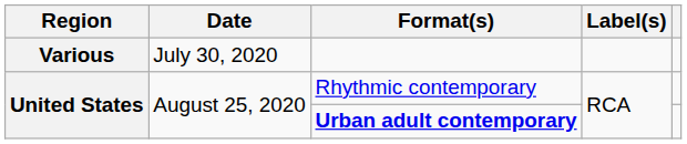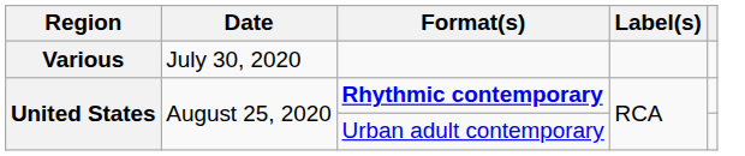 <table class="wikitable plainrowheaders">
 <tr>
 <th scope="col">Region</th>
 <th scope="col">Date</th>
 <th scope="col">Format(s)</th>
 <th scope="col">Label(s)</th>
 <th scope="col"></th>
 </tr>
 <tr>
 <th scope="row">Various</th>
 <td>July 30, 2020</td>
 <td></td>
 <td></td>
 <td style="text-align:center;"></td>
 </tr>
 <tr>
 <th scope="row" rowspan="2">United States</th>
 <td rowspan="2">August 25, 2020</td>
-<td><a href='#'>Rhythmic contemporary</a></td>
+<td><strong><a href='#'>Rhythmic contemporary</a></strong></td>
 <td rowspan="2">RCA</td>
 <td style="text-align:center;"></td>
 </tr>
 <tr>
-<td><strong><a href='#'>Urban adult contemporary</a></strong></td>
+<td><a href='#'>Urban adult contemporary</a></td>
 <td style="text-align:center;"></td>
 </tr>
 </table>
